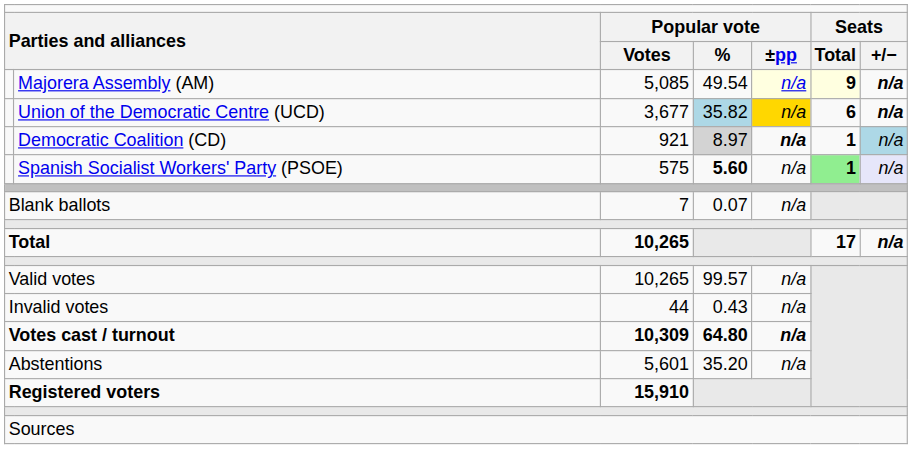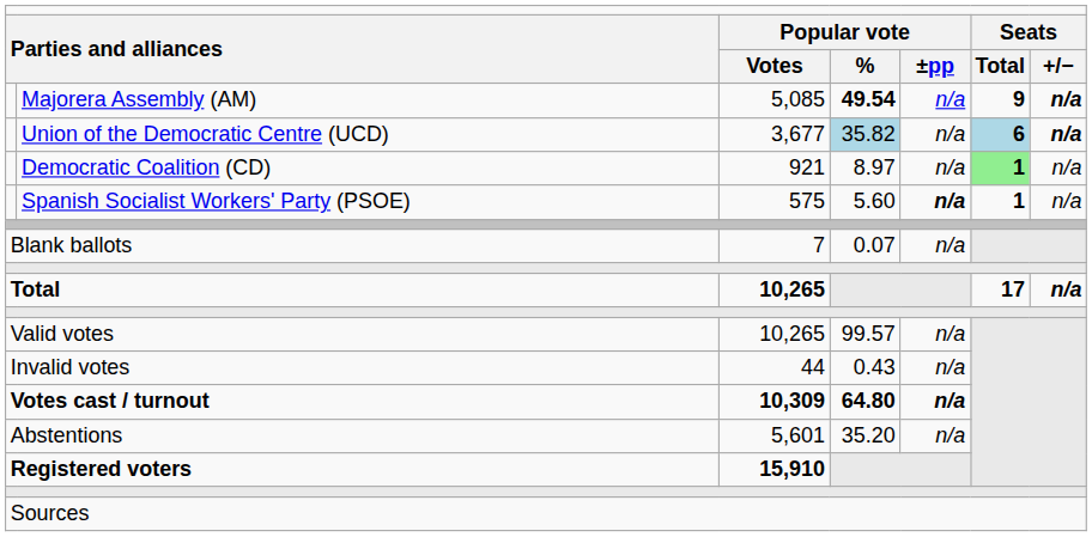 <table class="wikitable" style="text-align:right;">
 <tr>
 <td colspan="7"></td>
 </tr>
 <tr>
 <th style="text-align:left;" rowspan="2" colspan="2" width="525">Parties and alliances</th>
 <th colspan="3">Popular vote</th>
 <th colspan="2">Seats</th>
 </tr>
 <tr>
 <th width="75">Votes</th>
 <th width="45">%</th>
 <th width="45">±<a href='#'>pp</a></th>
 <th width="35">Total</th>
 <th width="35">+/−</th>
 </tr>
 <tr>
 <td width="1" style="color:inherit;background:"></td>
 <td align="left"><a href='#'>Majorera Assembly</a> (AM)</td>
 <td>5,085</td>
-<td>49.54</td>
-<td style="background: lightyellow;"><em><a href='#'>n/a</a></em></td>
-<td style="background: lightyellow;"><strong>9</strong></td>
+<td><strong>49.54</strong></td>
+<td><em><a href='#'>n/a</a></em></td>
+<td><strong>9</strong></td>
 <td><strong><em>n/a</em></strong></td>
 </tr>
 <tr>
 <td style="color:inherit;background:"></td>
 <td align="left"><a href='#'>Union of the Democratic Centre</a> (UCD)</td>
 <td>3,677</td>
 <td style="background: lightblue;">35.82</td>
-<td style="background: gold;"><em>n/a</em></td>
-<td><strong>6</strong></td>
+<td><em>n/a</em></td>
+<td style="background: lightblue;"><strong>6</strong></td>
 <td><strong><em>n/a</em></strong></td>
 </tr>
 <tr>
 <td style="color:inherit;background:"></td>
 <td align="left"><a href='#'>Democratic Coalition</a> (CD)</td>
 <td>921</td>
-<td style="background: lightgrey;">8.97</td>
-<td><strong><em>n/a</em></strong></td>
-<td><strong>1</strong></td>
-<td style="background: lightblue;"><em>n/a</em></td>
+<td>8.97</td>
+<td><em>n/a</em></td>
+<td style="background: lightgreen;"><strong>1</strong></td>
+<td><em>n/a</em></td>
 </tr>
 <tr>
 <td style="color:inherit;background:"></td>
 <td align="left"><a href='#'>Spanish Socialist Workers' Party</a> (PSOE)</td>
 <td>575</td>
-<td><strong>5.60</strong></td>
+<td>5.60</td>
+<td><strong><em>n/a</em></strong></td>
+<td><strong>1</strong></td>
 <td><em>n/a</em></td>
-<td style="background: lightgreen;"><strong>1</strong></td>
-<td style="background: lavender;"><em>n/a</em></td>
 </tr>
 <tr>
 <td colspan="7" bgcolor="#C0C0C0"></td>
 </tr>
 <tr>
 <td align="left" colspan="2">Blank ballots</td>
 <td>7</td>
 <td>0.07</td>
 <td><em>n/a</em></td>
 <td bgcolor="#E9E9E9" colspan="2"></td>
 </tr>
 <tr>
 <td colspan="7" bgcolor="#E9E9E9"></td>
 </tr>
 <tr style="font-weight:bold;">
 <td align="left" colspan="2">Total</td>
 <td>10,265</td>
 <td bgcolor="#E9E9E9" colspan="2"></td>
 <td>17</td>
 <td><em>n/a</em></td>
 </tr>
 <tr>
 <td colspan="7" bgcolor="#E9E9E9"></td>
 </tr>
 <tr>
 <td align="left" colspan="2">Valid votes</td>
 <td>10,265</td>
 <td>99.57</td>
 <td><em>n/a</em></td>
 <td bgcolor="#E9E9E9" colspan="2" rowspan="5"></td>
 </tr>
 <tr>
 <td align="left" colspan="2">Invalid votes</td>
 <td>44</td>
 <td>0.43</td>
 <td><em>n/a</em></td>
 </tr>
 <tr style="font-weight:bold;">
 <td align="left" colspan="2">Votes cast / turnout</td>
 <td>10,309</td>
 <td>64.80</td>
 <td><em>n/a</em></td>
 </tr>
 <tr>
 <td align="left" colspan="2">Abstentions</td>
 <td>5,601</td>
 <td>35.20</td>
 <td><em>n/a</em></td>
 </tr>
 <tr style="font-weight:bold;">
 <td align="left" colspan="2">Registered voters</td>
 <td>15,910</td>
 <td bgcolor="#E9E9E9" colspan="2"></td>
 </tr>
 <tr>
 <td colspan="7" bgcolor="#E9E9E9"></td>
 </tr>
 <tr>
 <td align="left" colspan="7">Sources</td>
 </tr>
 </table>
